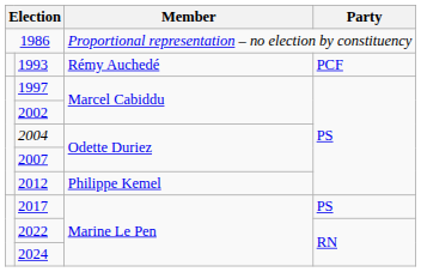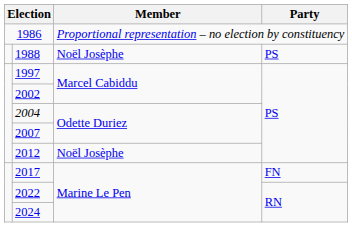 <table class="wikitable">
 <tr>
 <th colspan="2">Election</th>
 <th>Member</th>
 <th>Party</th>
 </tr>
 <tr>
 <td colspan="2" align="center"><a href='#'>1986</a></td>
 <td colspan="2"><em><a href='#'>Proportional representation</a> – no election by constituency</em></td>
 </tr>
 <tr>
 <td style="color:inherit;background-color: "></td>
-<td><a href='#'>1993</a></td>
-<td><a href='#'>Rémy Auchedé</a></td>
-<td><a href='#'>PCF</a></td>
+<td><a href='#'>1988</a></td>
+<td><a href='#'>Noël Josèphe</a></td>
+<td><a href='#'>PS</a></td>
 </tr>
 <tr>
 <td rowspan="5" style="background-color: "></td>
 <td><a href='#'>1997</a></td>
 <td rowspan="2"><a href='#'>Marcel Cabiddu</a></td>
 <td rowspan="5"><a href='#'>PS</a></td>
 </tr>
 <tr>
 <td><a href='#'>2002</a></td>
 </tr>
 <tr>
 <td><em>2004</em></td>
 <td rowspan="2"><a href='#'>Odette Duriez</a></td>
 </tr>
 <tr>
 <td><a href='#'>2007</a></td>
 </tr>
 <tr>
 <td><a href='#'>2012</a></td>
-<td><a href='#'>Philippe Kemel</a></td>
+<td><a href='#'>Noël Josèphe</a></td>
 </tr>
 <tr>
 <td rowspan="3" style="background-color: "></td>
 <td><a href='#'>2017</a></td>
 <td rowspan="3"><a href='#'>Marine Le Pen</a></td>
-<td><a href='#'>PS</a></td>
+<td><a href='#'>FN</a></td>
 </tr>
 <tr>
 <td><a href='#'>2022</a></td>
 <td rowspan="2"><a href='#'>RN</a></td>
 </tr>
 <tr>
 <td><a href='#'>2024</a></td>
 </tr>
 </table>
